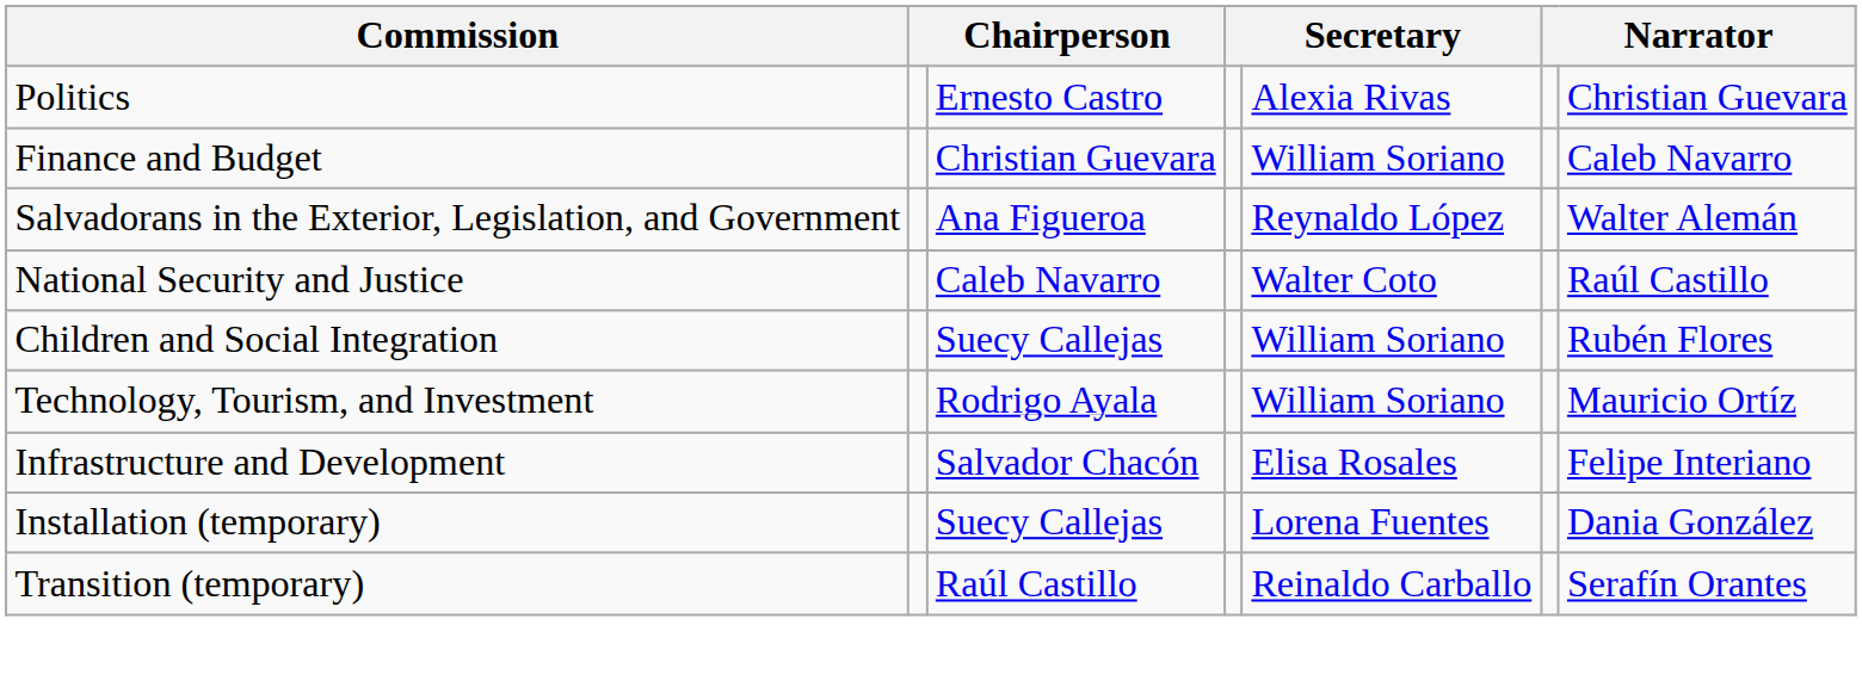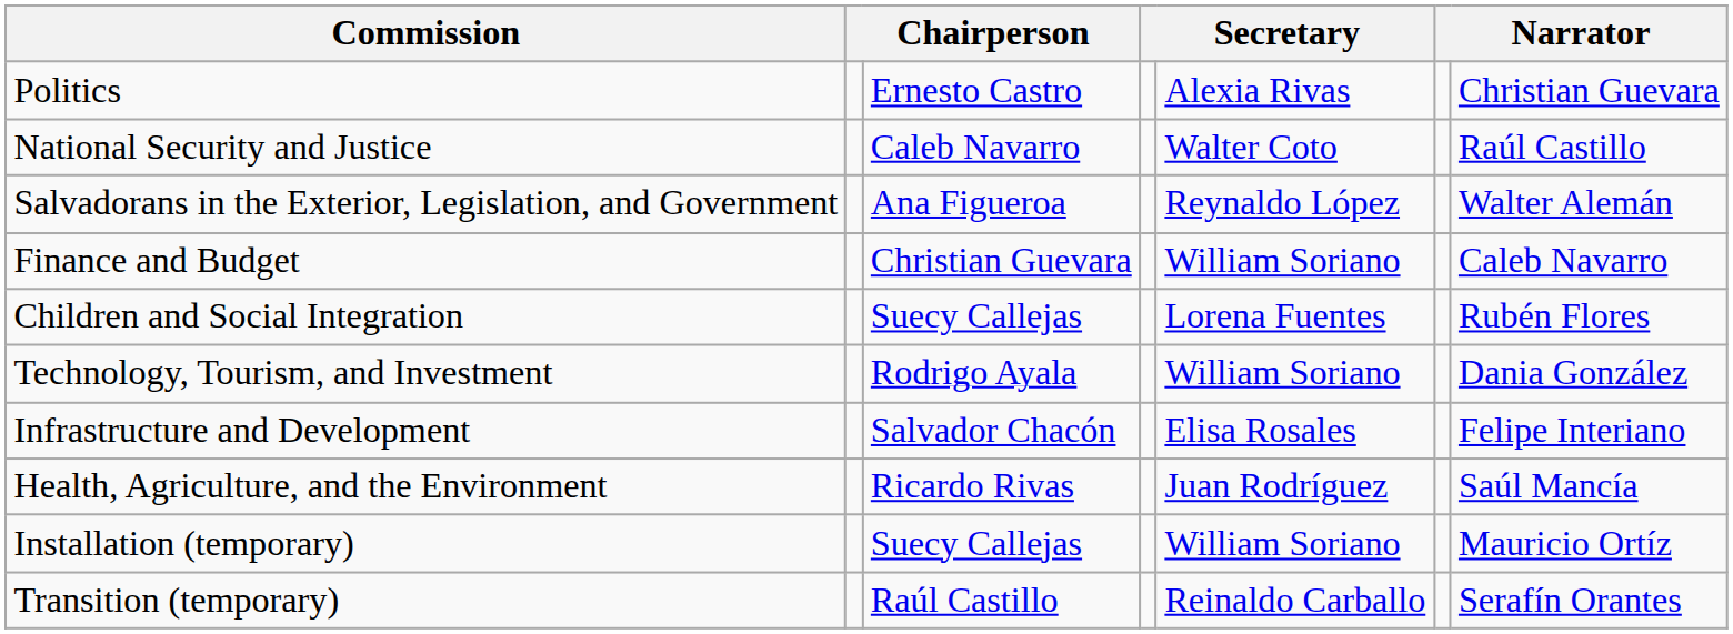 <table class="wikitable">
 <tr>
 <th>Commission</th>
 <th colspan="2">Chairperson</th>
 <th colspan="2">Secretary</th>
 <th colspan="2">Narrator</th>
 </tr>
 <tr>
 <td>Politics</td>
 <td></td>
 <td><a href='#'>Ernesto Castro</a></td>
 <td></td>
 <td><a href='#'>Alexia Rivas</a></td>
 <td></td>
 <td><a href='#'>Christian Guevara</a></td>
 </tr>
 <tr>
-<td>Finance and Budget</td>
-<td></td>
-<td><a href='#'>Christian Guevara</a></td>
-<td></td>
-<td><a href='#'>William Soriano</a></td>
+<td>National Security and Justice</td>
 <td></td>
 <td><a href='#'>Caleb Navarro</a></td>
+<td></td>
+<td><a href='#'>Walter Coto</a></td>
+<td></td>
+<td><a href='#'>Raúl Castillo</a></td>
 </tr>
 <tr>
 <td>Salvadorans in the Exterior, Legislation, and Government</td>
 <td></td>
 <td><a href='#'>Ana Figueroa</a></td>
 <td></td>
 <td><a href='#'>Reynaldo López</a></td>
 <td></td>
 <td><a href='#'>Walter Alemán</a></td>
 </tr>
 <tr>
-<td>National Security and Justice</td>
+<td>Finance and Budget</td>
+<td></td>
+<td><a href='#'>Christian Guevara</a></td>
+<td></td>
+<td><a href='#'>William Soriano</a></td>
 <td></td>
 <td><a href='#'>Caleb Navarro</a></td>
-<td></td>
-<td><a href='#'>Walter Coto</a></td>
-<td></td>
-<td><a href='#'>Raúl Castillo</a></td>
 </tr>
 <tr>
 <td>Children and Social Integration</td>
 <td></td>
 <td><a href='#'>Suecy Callejas</a></td>
 <td></td>
-<td><a href='#'>William Soriano</a></td>
+<td><a href='#'>Lorena Fuentes</a></td>
 <td></td>
 <td><a href='#'>Rubén Flores</a></td>
 </tr>
 <tr>
 <td>Technology, Tourism, and Investment</td>
 <td></td>
 <td><a href='#'>Rodrigo Ayala</a></td>
 <td></td>
 <td><a href='#'>William Soriano</a></td>
 <td></td>
-<td><a href='#'>Mauricio Ortíz</a></td>
+<td><a href='#'>Dania González</a></td>
 </tr>
 <tr>
 <td>Infrastructure and Development</td>
 <td></td>
 <td><a href='#'>Salvador Chacón</a></td>
 <td></td>
 <td><a href='#'>Elisa Rosales</a></td>
 <td></td>
 <td><a href='#'>Felipe Interiano</a></td>
 </tr>
 <tr>
+<td>Health, Agriculture, and the Environment</td>
+<td></td>
+<td><a href='#'>Ricardo Rivas</a></td>
+<td></td>
+<td><a href='#'>Juan Rodríguez</a></td>
+<td></td>
+<td><a href='#'>Saúl Mancía</a></td>
+</tr>
+<tr>
 <td>Installation (temporary)</td>
 <td></td>
 <td><a href='#'>Suecy Callejas</a></td>
 <td></td>
-<td><a href='#'>Lorena Fuentes</a></td>
+<td><a href='#'>William Soriano</a></td>
 <td></td>
-<td><a href='#'>Dania González</a></td>
+<td><a href='#'>Mauricio Ortíz</a></td>
 </tr>
 <tr>
 <td>Transition (temporary)</td>
 <td></td>
 <td><a href='#'>Raúl Castillo</a></td>
 <td></td>
 <td><a href='#'>Reinaldo Carballo</a></td>
 <td></td>
 <td><a href='#'>Serafín Orantes</a></td>
 </tr>
 </table>
